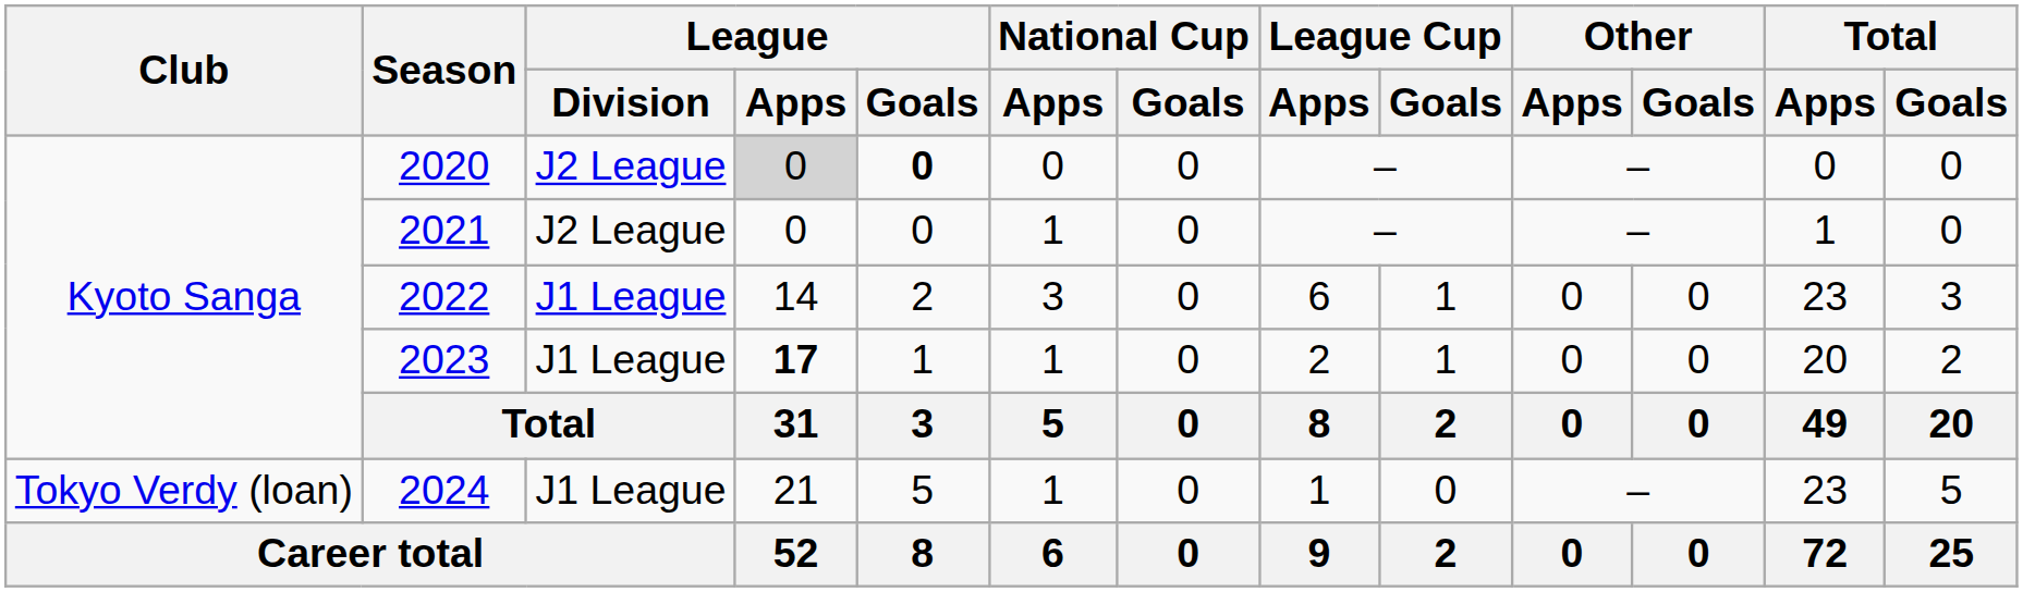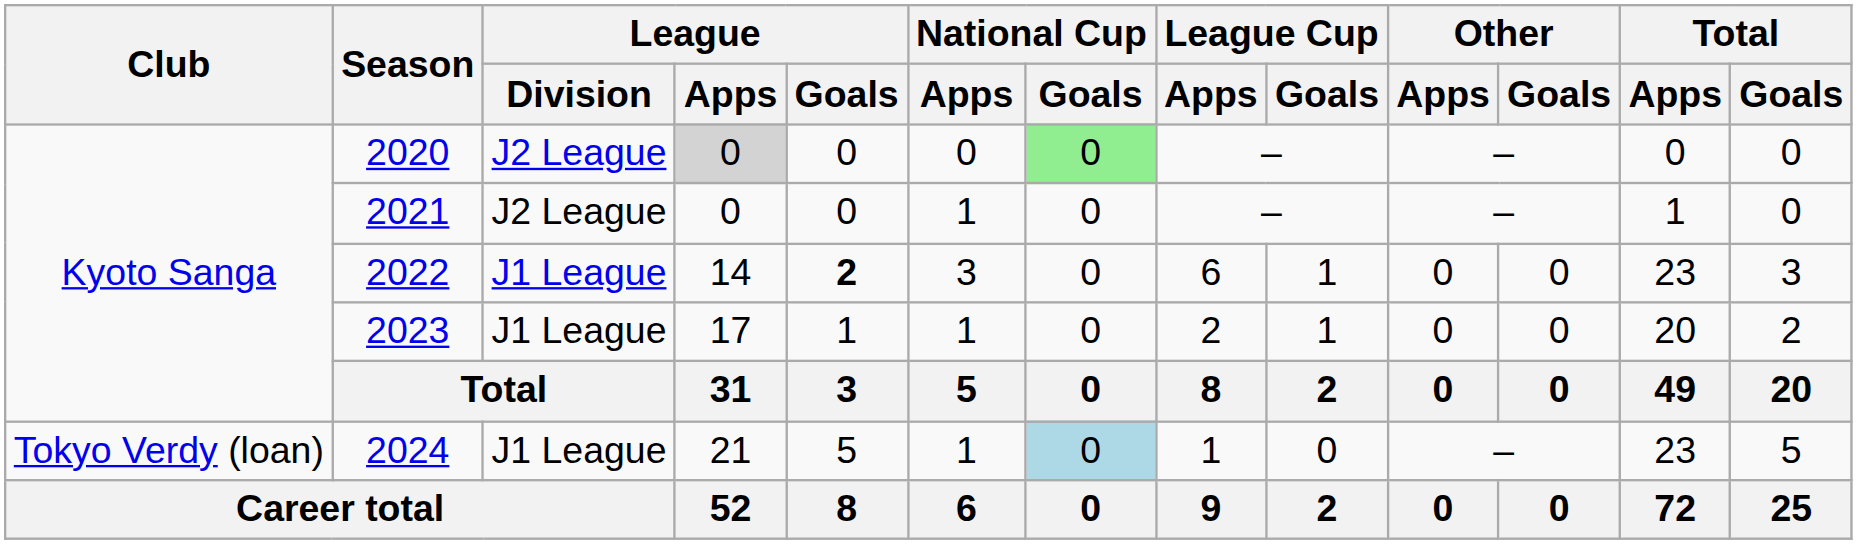 <table class="wikitable" style="text-align:center">
 <tr>
 <th rowspan=2>Club</th>
 <th rowspan=2>Season</th>
 <th colspan=3>League</th>
 <th colspan=2>National Cup</th>
 <th colspan=2>League Cup</th>
 <th colspan=2>Other</th>
 <th colspan=2>Total</th>
 </tr>
 <tr>
 <th>Division</th>
 <th>Apps</th>
 <th>Goals</th>
 <th>Apps</th>
 <th>Goals</th>
 <th>Apps</th>
 <th>Goals</th>
 <th>Apps</th>
 <th>Goals</th>
 <th>Apps</th>
 <th>Goals</th>
 </tr>
 <tr>
 <td rowspan="5"><a href='#'>Kyoto Sanga</a></td>
 <td><a href='#'>2020</a></td>
 <td><a href='#'>J2 League</a></td>
 <td style="background: lightgrey;">0</td>
-<td><strong>0</strong></td>
 <td>0</td>
 <td>0</td>
+<td style="background: lightgreen;">0</td>
 <td colspan="2">–</td>
 <td colspan="2">–</td>
 <td>0</td>
 <td>0</td>
 </tr>
 <tr>
 <td><a href='#'>2021</a></td>
 <td>J2 League</td>
 <td>0</td>
 <td>0</td>
 <td>1</td>
 <td>0</td>
 <td colspan="2">–</td>
 <td colspan="2">–</td>
 <td>1</td>
 <td>0</td>
 </tr>
 <tr>
 <td><a href='#'>2022</a></td>
 <td><a href='#'>J1 League</a></td>
 <td>14</td>
-<td>2</td>
+<td><strong>2</strong></td>
 <td>3</td>
 <td>0</td>
 <td>6</td>
 <td>1</td>
 <td>0</td>
 <td>0</td>
 <td>23</td>
 <td>3</td>
 </tr>
 <tr>
 <td><a href='#'>2023</a></td>
 <td>J1 League</td>
-<td><strong>17</strong></td>
+<td>17</td>
 <td>1</td>
 <td>1</td>
 <td>0</td>
 <td>2</td>
 <td>1</td>
 <td>0</td>
 <td>0</td>
 <td>20</td>
 <td>2</td>
 </tr>
 <tr>
 <th colspan="2">Total</th>
 <th>31</th>
 <th>3</th>
 <th>5</th>
 <th>0</th>
 <th>8</th>
 <th>2</th>
 <th>0</th>
 <th>0</th>
 <th>49</th>
 <th>20</th>
 </tr>
 <tr>
 <td><a href='#'>Tokyo Verdy</a> (loan)</td>
 <td><a href='#'>2024</a></td>
 <td>J1 League</td>
 <td>21</td>
 <td>5</td>
 <td>1</td>
-<td>0</td>
+<td style="background: lightblue;">0</td>
 <td>1</td>
 <td>0</td>
 <td colspan="2">–</td>
 <td>23</td>
 <td>5</td>
 </tr>
 <tr>
 <th colspan=3>Career total</th>
 <th>52</th>
 <th>8</th>
 <th>6</th>
 <th>0</th>
 <th>9</th>
 <th>2</th>
 <th>0</th>
 <th>0</th>
 <th>72</th>
 <th>25</th>
 </tr>
 </table>
